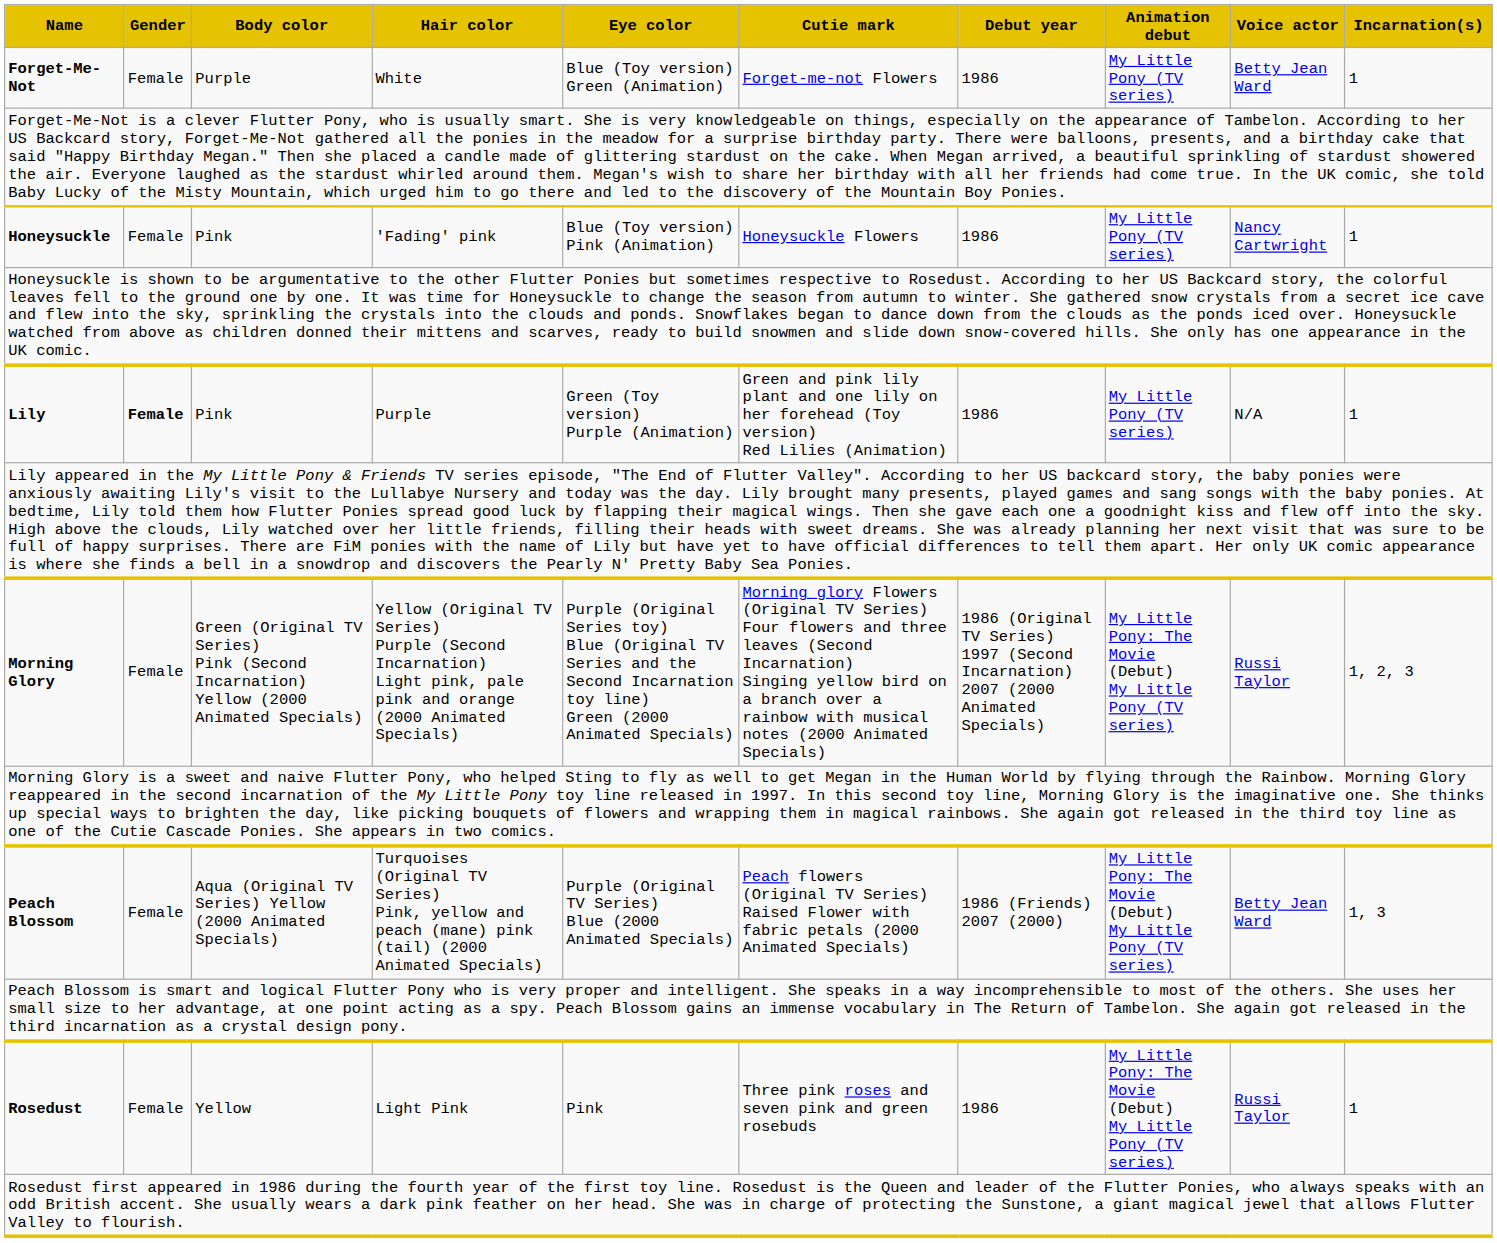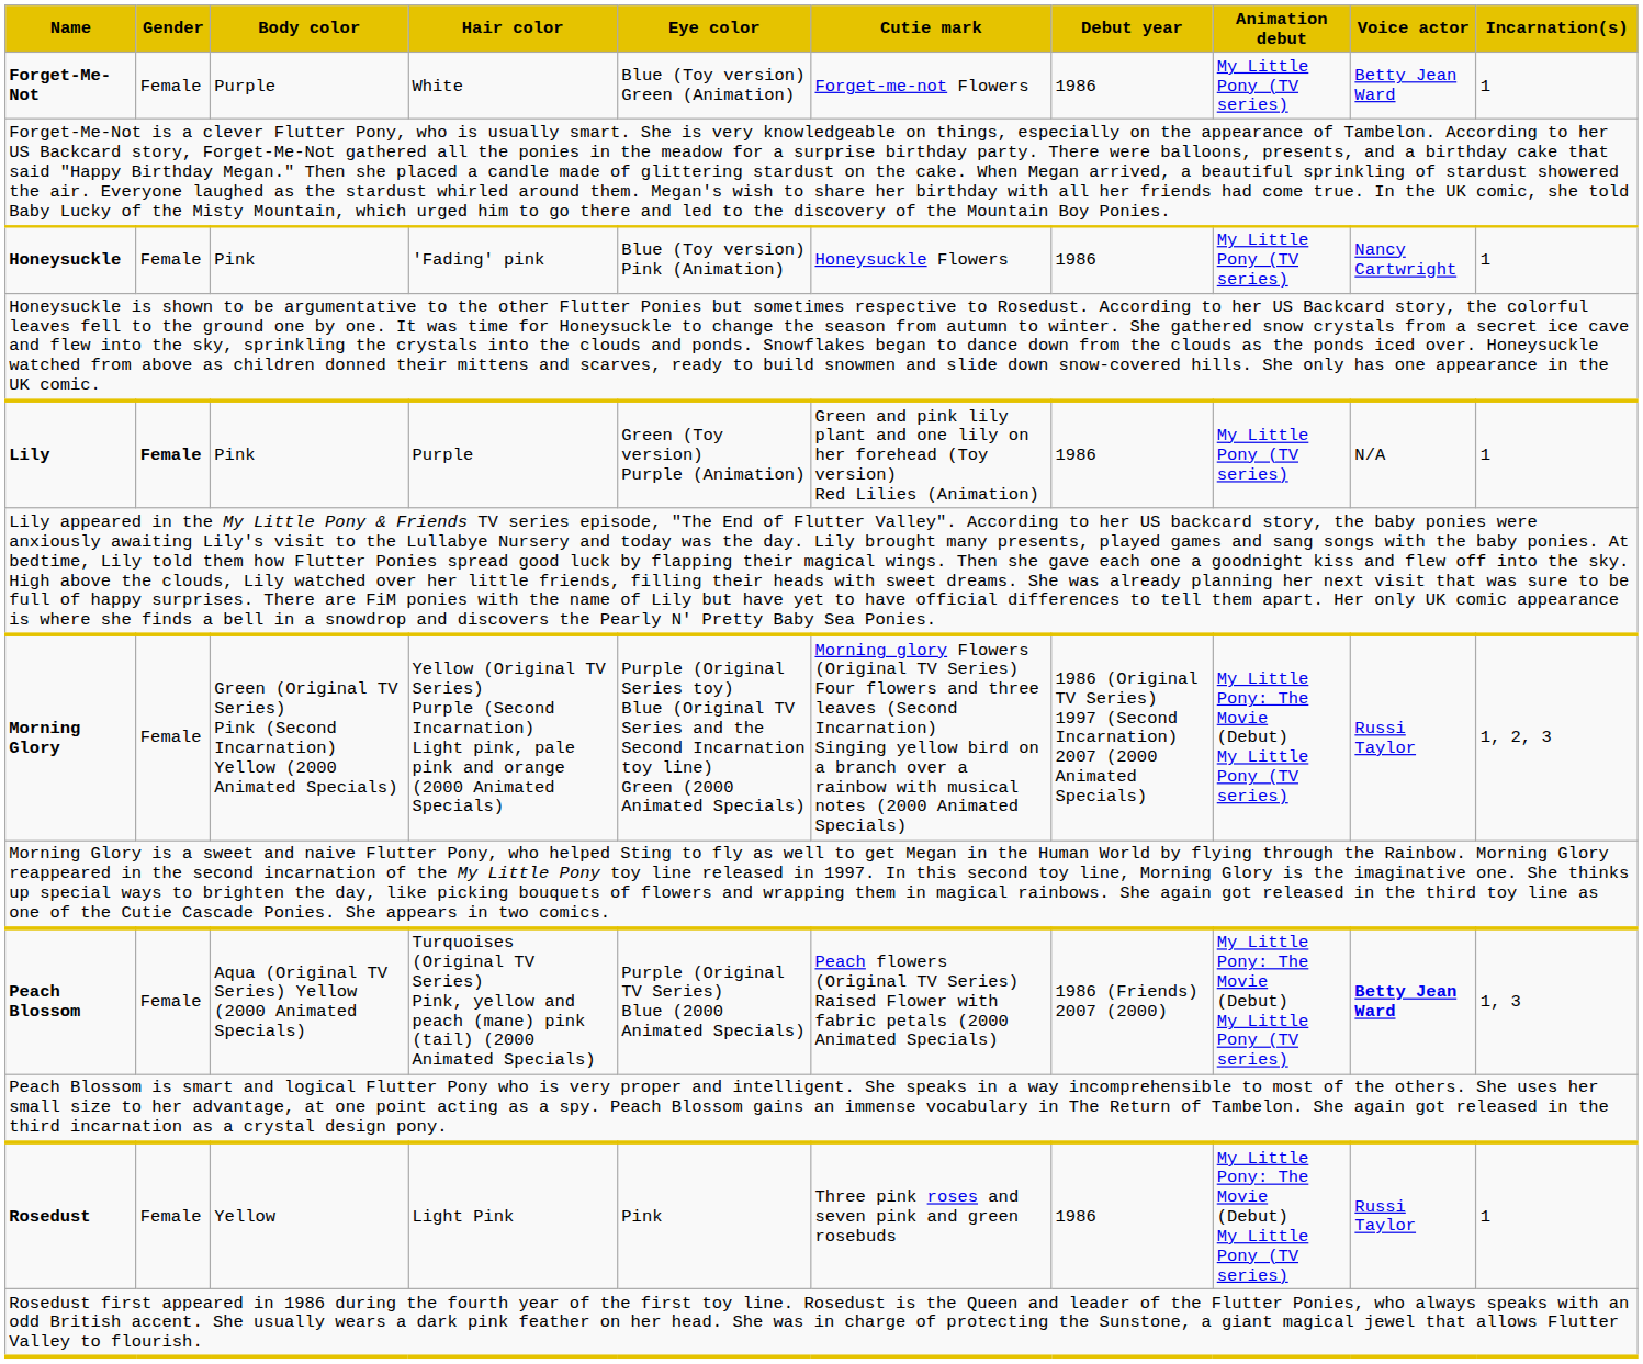 <table class="wikitable mw-collapsible mw-collapsed sortable" style= cellpadding="10" "background: #E5C300;">
 <tr>
 <th style="background:#E5C300;">Name</th>
 <th style="background:#E5C300;">Gender</th>
 <th style="background:#E5C300;">Body color</th>
 <th style="background:#E5C300;">Hair color</th>
 <th style="background:#E5C300;">Eye color</th>
 <th style="background:#E5C300;">Cutie mark</th>
 <th style="background:#E5C300;">Debut year</th>
 <th style="background:#E5C300;">Animation debut</th>
 <th style="background:#E5C300;">Voice actor</th>
 <th style="background:#E5C300;">Incarnation(s)</th>
 </tr>
 <tr>
 <td><strong>Forget-Me-Not</strong></td>
 <td>Female</td>
 <td>Purple</td>
 <td>White</td>
 <td>Blue (Toy version)<br>Green (Animation)</td>
 <td><a href='#'>Forget-me-not</a> Flowers</td>
 <td>1986</td>
 <td><a href='#'>My Little Pony (TV series)</a></td>
 <td><a href='#'>Betty Jean Ward</a></td>
 <td>1</td>
 </tr>
 <tr>
 <td style="border-bottom: 2px solid #E5C300;" colspan="14">Forget-Me-Not is a clever Flutter Pony, who is usually smart. She is very knowledgeable on things, especially on the appearance of Tambelon. According to her US Backcard story, Forget-Me-Not gathered all the ponies in the meadow for a surprise birthday party. There were balloons, presents, and a birthday cake that said "Happy Birthday Megan." Then she placed a candle made of glittering stardust on the cake. When Megan arrived, a beautiful sprinkling of stardust showered the air. Everyone laughed as the stardust whirled around them. Megan's wish to share her birthday with all her friends had come true. In the UK comic, she told Baby Lucky of the Misty Mountain, which urged him to go there and led to the discovery of the Mountain Boy Ponies.</td>
 </tr>
 <tr>
 <td><strong>Honeysuckle</strong></td>
 <td>Female</td>
 <td>Pink</td>
 <td>'Fading' pink</td>
 <td>Blue (Toy version)<br>Pink (Animation)</td>
 <td><a href='#'>Honeysuckle</a> Flowers</td>
 <td>1986</td>
 <td><a href='#'>My Little Pony (TV series)</a></td>
 <td><a href='#'>Nancy Cartwright</a></td>
 <td>1</td>
 </tr>
 <tr>
 <td style="border-bottom: 3px solid #E5C300;" colspan="14">Honeysuckle is shown to be argumentative to the other Flutter Ponies but sometimes respective to Rosedust. According to her US Backcard story, the colorful leaves fell to the ground one by one. It was time for Honeysuckle to change the season from autumn to winter. She gathered snow crystals from a secret ice cave and flew into the sky, sprinkling the crystals into the clouds and ponds. Snowflakes began to dance down from the clouds as the ponds iced over. Honeysuckle watched from above as children donned their mittens and scarves, ready to build snowmen and slide down snow-covered hills. She only has one appearance in the UK comic.</td>
 </tr>
 <tr>
 <td><strong>Lily</strong></td>
 <td><strong>Female</strong></td>
 <td>Pink</td>
 <td>Purple</td>
 <td>Green (Toy version)<br>Purple (Animation)</td>
 <td>Green and pink lily plant and one lily on her forehead (Toy version)<br>Red Lilies (Animation)</td>
 <td>1986</td>
 <td><a href='#'>My Little Pony (TV series)</a></td>
 <td>N/A</td>
 <td>1</td>
 </tr>
 <tr>
 <td style="border-bottom: 3px solid #E5C300;" colspan="14">Lily appeared in the <em>My Little Pony & Friends</em> TV series episode, "The End of Flutter Valley". According to her US backcard story, the baby ponies were anxiously awaiting Lily's visit to the Lullabye Nursery and today was the day. Lily brought many presents, played games and sang songs with the baby ponies. At bedtime, Lily told them how Flutter Ponies spread good luck by flapping their magical wings. Then she gave each one a goodnight kiss and flew off into the sky. High above the clouds, Lily watched over her little friends, filling their heads with sweet dreams. She was already planning her next visit that was sure to be full of happy surprises. There are FiM ponies with the name of Lily but have yet to have official differences to tell them apart. Her only UK comic appearance is where she finds a bell in a snowdrop and discovers the Pearly N' Pretty Baby Sea Ponies.</td>
 </tr>
 <tr>
 <td><strong>Morning Glory</strong></td>
 <td>Female</td>
 <td>Green (Original TV Series)<br>Pink (Second Incarnation)<br>Yellow (2000 Animated Specials)</td>
 <td>Yellow (Original TV Series)<br>Purple (Second Incarnation)<br>Light pink, pale pink and orange (2000 Animated Specials)</td>
 <td>Purple (Original Series toy)<br>Blue (Original TV Series and the Second Incarnation toy line)<br>Green (2000 Animated Specials)</td>
 <td><a href='#'>Morning glory</a> Flowers (Original TV Series)<br>Four flowers and three leaves (Second Incarnation)<br>Singing yellow bird on a branch over a rainbow with musical notes (2000 Animated Specials)</td>
 <td>1986 (Original TV Series)<br>1997 (Second Incarnation)<br>2007 (2000 Animated Specials)</td>
 <td><a href='#'>My Little Pony: The Movie</a> (Debut)<br><a href='#'>My Little Pony (TV series)</a></td>
 <td><a href='#'>Russi Taylor</a></td>
 <td>1, 2, 3</td>
 </tr>
 <tr>
 <td style="border-bottom: 3px solid #E5C300;" colspan="14">Morning Glory is a sweet and naive Flutter Pony, who helped Sting to fly as well to get Megan in the Human World by flying through the Rainbow. Morning Glory reappeared in the second incarnation of the <em>My Little Pony</em> toy line released in 1997. In this second toy line, Morning Glory is the imaginative one. She thinks up special ways to brighten the day, like picking bouquets of flowers and wrapping them in magical rainbows. She again got released in the third toy line as one of the Cutie Cascade Ponies. She appears in two comics.</td>
 </tr>
 <tr>
 <td><strong>Peach Blossom</strong></td>
 <td>Female</td>
 <td>Aqua (Original TV Series) Yellow (2000 Animated Specials)</td>
 <td>Turquoises (Original TV Series)<br>Pink, yellow and peach (mane) pink (tail) (2000 Animated Specials)</td>
 <td>Purple (Original TV Series)<br>Blue (2000 Animated Specials)</td>
 <td><a href='#'>Peach</a> flowers (Original TV Series)<br>Raised Flower with fabric petals (2000 Animated Specials)</td>
 <td>1986 (Friends)<br>2007 (2000)</td>
 <td><a href='#'>My Little Pony: The Movie</a> (Debut)<br><a href='#'>My Little Pony (TV series)</a></td>
-<td><a href='#'>Betty Jean Ward</a></td>
+<td><strong><a href='#'>Betty Jean Ward</a></strong></td>
 <td>1, 3</td>
 </tr>
 <tr>
 <td style="border-bottom: 3px solid #E5C300;" colspan="14">Peach Blossom is smart and logical Flutter Pony who is very proper and intelligent. She speaks in a way incomprehensible to most of the others. She uses her small size to her advantage, at one point acting as a spy. Peach Blossom gains an immense vocabulary in The Return of Tambelon. She again got released in the third incarnation as a crystal design pony.</td>
 </tr>
 <tr>
 <td><strong>Rosedust</strong></td>
 <td>Female</td>
 <td>Yellow</td>
 <td>Light Pink</td>
 <td>Pink</td>
 <td>Three pink <a href='#'>roses</a> and seven pink and green rosebuds</td>
 <td>1986</td>
 <td><a href='#'>My Little Pony: The Movie</a> (Debut)<br><a href='#'>My Little Pony (TV series)</a></td>
 <td><a href='#'>Russi Taylor</a></td>
 <td>1</td>
 </tr>
 <tr>
 <td style="border-bottom: 3px solid #E5C300;" colspan="14">Rosedust first appeared in 1986 during the fourth year of the first toy line. Rosedust is the Queen and leader of the Flutter Ponies, who always speaks with an odd British accent. She usually wears a dark pink feather on her head. She was in charge of protecting the Sunstone, a giant magical jewel that allows Flutter Valley to flourish.</td>
 </tr>
 </table>
